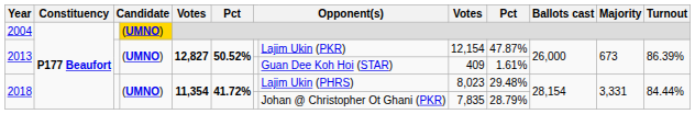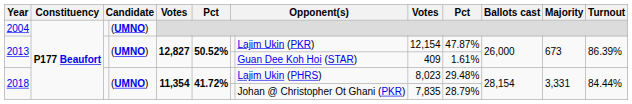 <table class="wikitable" style="margin:0.5em ; font-size:95%">
 <tr>
 <th>Year</th>
 <th>Constituency</th>
 <th colspan=2>Candidate</th>
 <th>Votes</th>
 <th>Pct</th>
 <th colspan=2>Opponent(s)</th>
 <th>Votes</th>
 <th>Pct</th>
 <th>Ballots cast</th>
 <th>Majority</th>
 <th>Turnout</th>
 </tr>
 <tr>
 <td><a href='#'>2004</a></td>
 <td rowspan=5><strong>P177 <a href='#'>Beaufort</a></strong></td>
 <td></td>
-<td style="background: gold;"><strong></strong> (<a href='#'><strong>UMNO</strong></a>)</td>
+<td><strong></strong> (<a href='#'><strong>UMNO</strong></a>)</td>
 <td colspan=9 bgcolor="dcdcdc"></td>
 </tr>
 <tr>
 <td rowspan=2><a href='#'>2013</a></td>
 <td rowspan=2 ></td>
 <td rowspan=2><strong></strong> (<a href='#'><strong>UMNO</strong></a>)</td>
 <td rowspan=2 align="right"><strong>12,827</strong></td>
 <td rowspan=2><strong>50.52%</strong></td>
 <td></td>
 <td><a href='#'>Lajim Ukin</a> (<a href='#'>PKR</a>)</td>
 <td align="right">12,154</td>
 <td>47.87%</td>
 <td rowspan=2>26,000</td>
 <td rowspan=2>673</td>
 <td rowspan=2>86.39%</td>
 </tr>
 <tr>
 <td></td>
 <td><a href='#'>Guan Dee Koh Hoi</a> (<a href='#'>STAR</a>)</td>
 <td align=right>409</td>
 <td align=right>1.61%</td>
 </tr>
 <tr>
 <td rowspan=2><a href='#'>2018</a></td>
 <td rowspan=2 ></td>
 <td rowspan=2><strong></strong> (<a href='#'><strong>UMNO</strong></a>)</td>
 <td rowspan=2 align="right"><strong>11,354</strong></td>
 <td rowspan=2><strong>41.72%</strong></td>
 <td></td>
 <td><a href='#'>Lajim Ukin</a> (<a href='#'>PHRS</a>)</td>
 <td align="right">8,023</td>
 <td>29.48%</td>
 <td rowspan=2>28,154</td>
 <td rowspan=2>3,331</td>
 <td rowspan=2>84.44%</td>
 </tr>
 <tr>
 <td></td>
 <td>Johan @ Christopher Ot Ghani (<a href='#'>PKR</a>)</td>
 <td align=right>7,835</td>
 <td>28.79%</td>
 </tr>
 </table>
